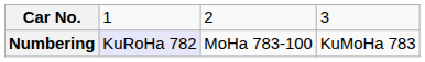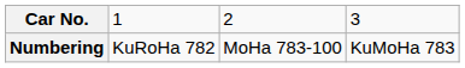 <table class="wikitable">
 <tr>
 <th>Car No.</th>
 <td>1</td>
 <td>2</td>
 <td>3</td>
 </tr>
 <tr>
 <th>Numbering</th>
-<td style="background: lavender;">KuRoHa 782</td>
+<td>KuRoHa 782</td>
 <td>MoHa 783-100</td>
 <td>KuMoHa 783</td>
 </tr>
 </table>
